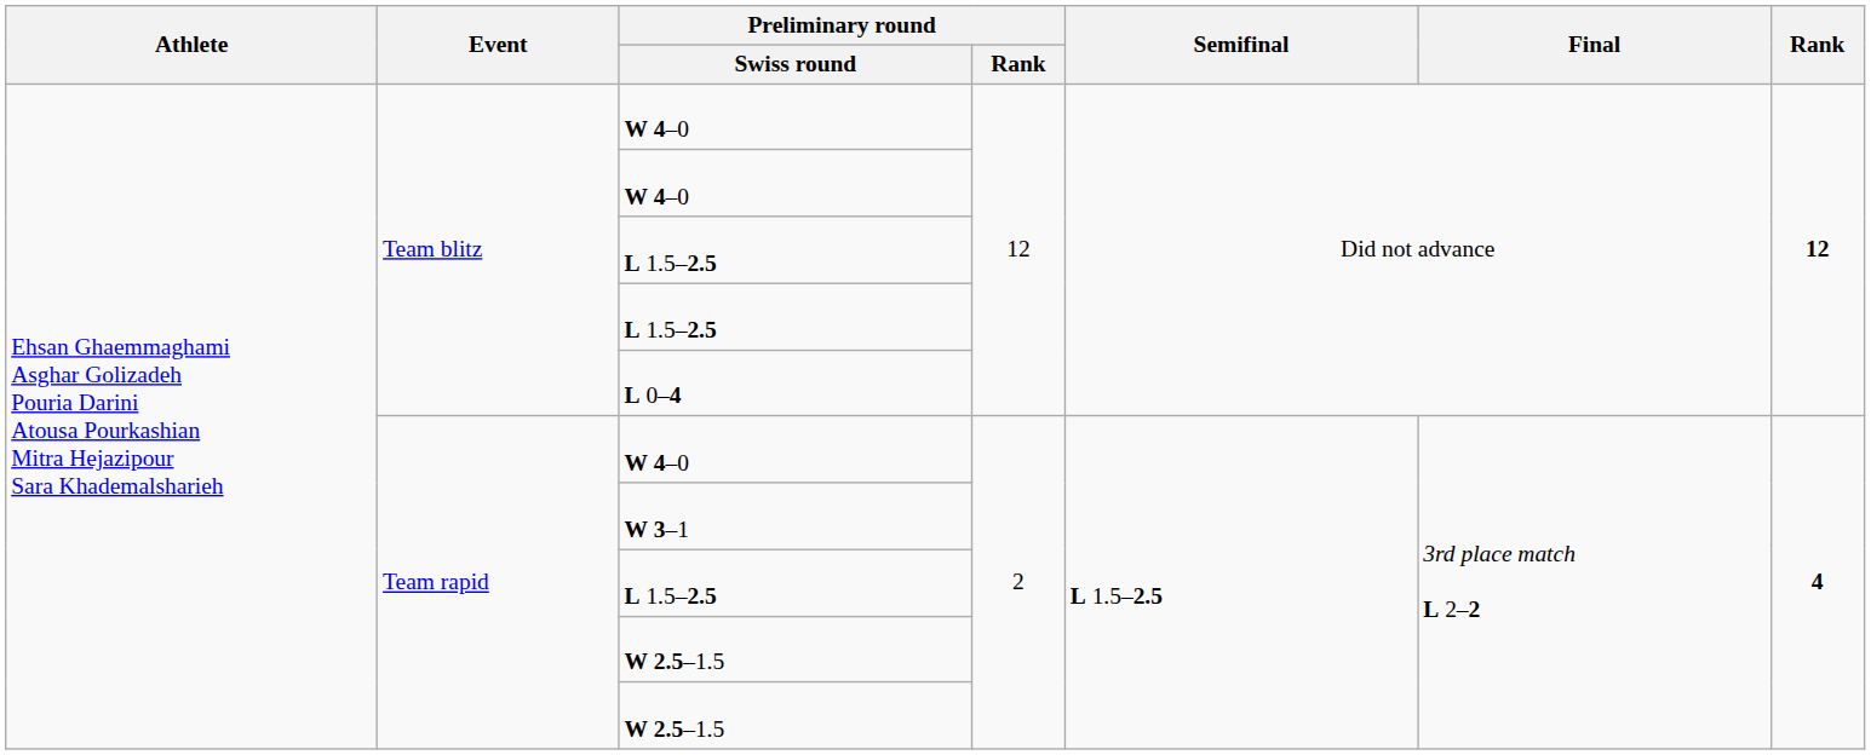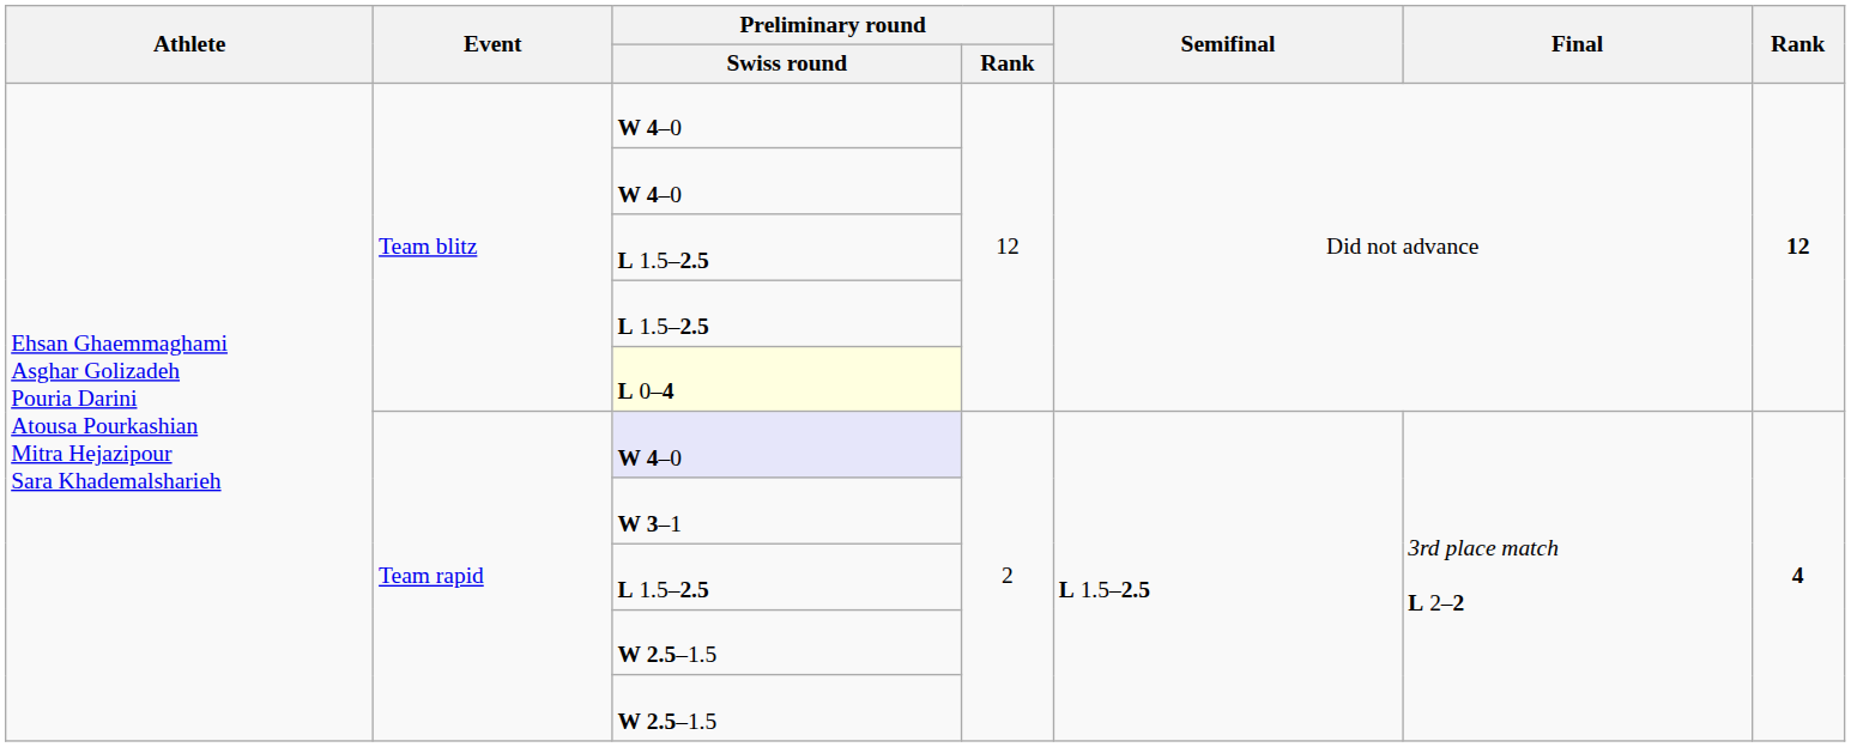 <table class="wikitable" width="90%" style="text-align:left; font-size:90%">
 <tr>
 <th rowspan="2" width="20%">Athlete</th>
 <th rowspan="2" width="13%">Event</th>
 <th colspan="2">Preliminary round</th>
 <th rowspan="2" width="19%">Semifinal</th>
 <th rowspan="2" width="19%">Final</th>
 <th rowspan="2" width="5%">Rank</th>
 </tr>
 <tr>
 <th width="19%">Swiss round</th>
 <th width="5%">Rank</th>
 </tr>
 <tr>
 <td rowspan=10><a href='#'>Ehsan Ghaemmaghami</a><br><a href='#'>Asghar Golizadeh</a><br><a href='#'>Pouria Darini</a><br><a href='#'>Atousa Pourkashian</a><br><a href='#'>Mitra Hejazipour</a><br><a href='#'>Sara Khademalsharieh</a></td>
 <td rowspan=5><a href='#'>Team blitz</a></td>
 <td><br><strong>W</strong> <strong>4</strong>–0</td>
 <td rowspan=5 align=center>12</td>
 <td rowspan=5 colspan=2 align=center>Did not advance</td>
 <td rowspan=5 align="center"><strong>12</strong></td>
 </tr>
 <tr>
 <td><br><strong>W</strong> <strong>4</strong>–0</td>
 </tr>
 <tr>
 <td><br><strong>L</strong> 1.5–<strong>2.5</strong></td>
 </tr>
 <tr>
 <td><br><strong>L</strong> 1.5–<strong>2.5</strong></td>
 </tr>
 <tr>
-<td><br><strong>L</strong> 0–<strong>4</strong></td>
+<td style="background: lightyellow;"><br><strong>L</strong> 0–<strong>4</strong></td>
 </tr>
 <tr>
 <td rowspan=5><a href='#'>Team rapid</a></td>
-<td><br><strong>W</strong> <strong>4</strong>–0</td>
+<td style="background: lavender;"><br><strong>W</strong> <strong>4</strong>–0</td>
 <td rowspan=5 align=center>2 <strong></strong></td>
 <td rowspan=5><br><strong>L</strong> 1.5–<strong>2.5</strong></td>
 <td rowspan=5><em>3rd place match</em><br><br><strong>L</strong> 2–<strong>2</strong></td>
 <td rowspan=5 align="center"><strong>4</strong></td>
 </tr>
 <tr>
 <td><br><strong>W</strong> <strong>3</strong>–1</td>
 </tr>
 <tr>
 <td><br><strong>L</strong> 1.5–<strong>2.5</strong></td>
 </tr>
 <tr>
 <td><br><strong>W</strong> <strong>2.5</strong>–1.5</td>
 </tr>
 <tr>
 <td><br><strong>W</strong> <strong>2.5</strong>–1.5</td>
 </tr>
 </table>
